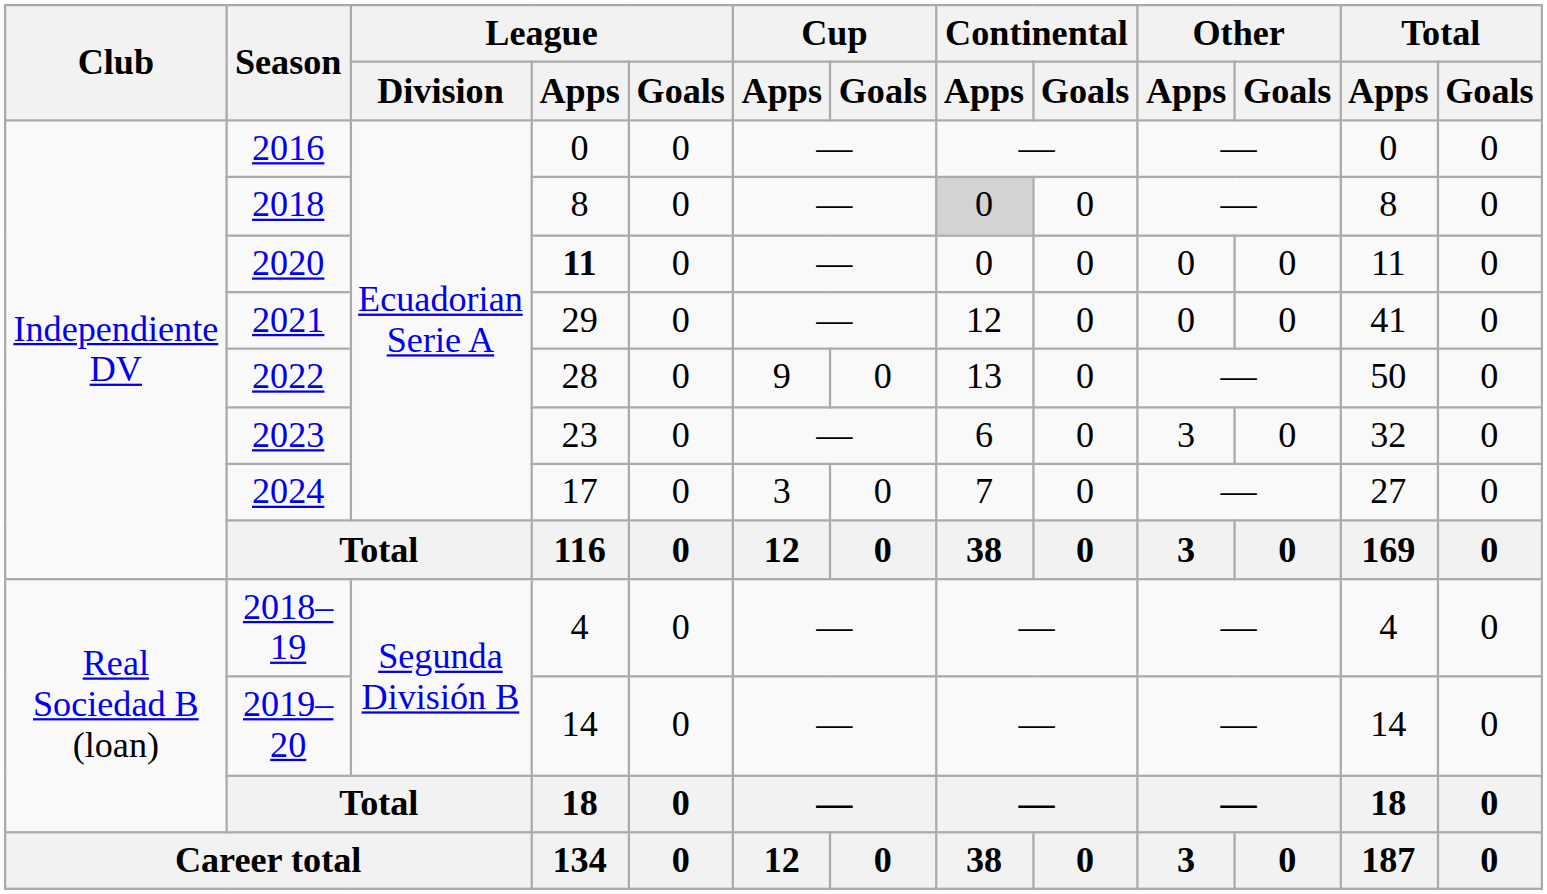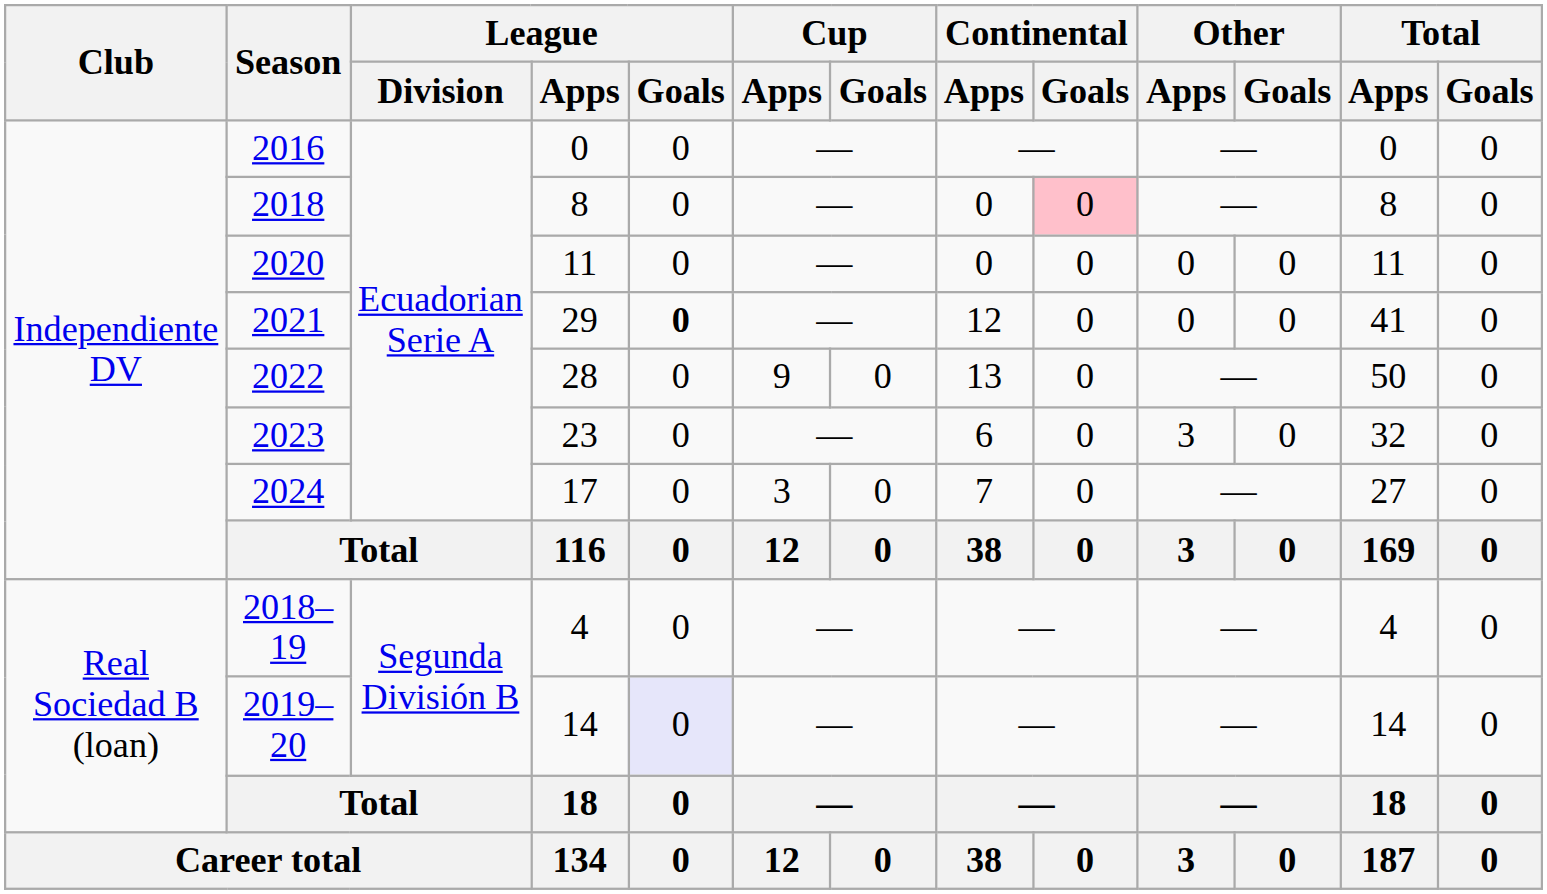 <table class="wikitable" style="text-align:center">
 <tr>
 <th rowspan="2">Club</th>
 <th rowspan="2">Season</th>
 <th colspan="3">League</th>
 <th colspan="2">Cup</th>
 <th colspan="2">Continental</th>
 <th colspan="2">Other</th>
 <th colspan="2">Total</th>
 </tr>
 <tr>
 <th>Division</th>
 <th>Apps</th>
 <th>Goals</th>
 <th>Apps</th>
 <th>Goals</th>
 <th>Apps</th>
 <th>Goals</th>
 <th>Apps</th>
 <th>Goals</th>
 <th>Apps</th>
 <th>Goals</th>
 </tr>
 <tr>
 <td rowspan="8"><a href='#'>Independiente DV</a></td>
 <td><a href='#'>2016</a></td>
 <td rowspan="7"><a href='#'>Ecuadorian Serie A</a></td>
 <td>0</td>
 <td>0</td>
 <td colspan="2">—</td>
 <td colspan="2">—</td>
 <td colspan="2">—</td>
 <td>0</td>
 <td>0</td>
 </tr>
 <tr>
 <td><a href='#'>2018</a></td>
 <td>8</td>
 <td>0</td>
 <td colspan="2">—</td>
-<td style="background: lightgrey;">0</td>
 <td>0</td>
+<td style="background: pink;">0</td>
 <td colspan="2">—</td>
 <td>8</td>
 <td>0</td>
 </tr>
 <tr>
 <td><a href='#'>2020</a></td>
-<td><strong>11</strong></td>
+<td>11</td>
 <td>0</td>
 <td colspan="2">—</td>
 <td>0</td>
 <td>0</td>
 <td>0</td>
 <td>0</td>
 <td>11</td>
 <td>0</td>
 </tr>
 <tr>
 <td><a href='#'>2021</a></td>
 <td>29</td>
-<td>0</td>
+<td><strong>0</strong></td>
 <td colspan="2">—</td>
 <td>12</td>
 <td>0</td>
 <td>0</td>
 <td>0</td>
 <td>41</td>
 <td>0</td>
 </tr>
 <tr>
 <td><a href='#'>2022</a></td>
 <td>28</td>
 <td>0</td>
 <td>9</td>
 <td>0</td>
 <td>13</td>
 <td>0</td>
 <td colspan="2">—</td>
 <td>50</td>
 <td>0</td>
 </tr>
 <tr>
 <td><a href='#'>2023</a></td>
 <td>23</td>
 <td>0</td>
 <td colspan="2">—</td>
 <td>6</td>
 <td>0</td>
 <td>3</td>
 <td>0</td>
 <td>32</td>
 <td>0</td>
 </tr>
 <tr>
 <td><a href='#'>2024</a></td>
 <td>17</td>
 <td>0</td>
 <td>3</td>
 <td>0</td>
 <td>7</td>
 <td>0</td>
 <td colspan="2">—</td>
 <td>27</td>
 <td>0</td>
 </tr>
 <tr>
 <th colspan="2">Total</th>
 <th>116</th>
 <th>0</th>
 <th>12</th>
 <th>0</th>
 <th>38</th>
 <th>0</th>
 <th>3</th>
 <th>0</th>
 <th>169</th>
 <th>0</th>
 </tr>
 <tr>
 <td rowspan="3"><a href='#'>Real Sociedad B</a> (loan)</td>
 <td><a href='#'>2018–19</a></td>
 <td rowspan="2"><a href='#'>Segunda División B</a></td>
 <td>4</td>
 <td>0</td>
 <td colspan="2">—</td>
 <td colspan="2">—</td>
 <td colspan="2">—</td>
 <td>4</td>
 <td>0</td>
 </tr>
 <tr>
 <td><a href='#'>2019–20</a></td>
 <td>14</td>
-<td>0</td>
+<td style="background: lavender;">0</td>
 <td colspan="2">—</td>
 <td colspan="2">—</td>
 <td colspan="2">—</td>
 <td>14</td>
 <td>0</td>
 </tr>
 <tr>
 <th colspan="2">Total</th>
 <th>18</th>
 <th>0</th>
 <th colspan="2">—</th>
 <th colspan="2">—</th>
 <th colspan="2">—</th>
 <th>18</th>
 <th>0</th>
 </tr>
 <tr>
 <th colspan="3">Career total</th>
 <th>134</th>
 <th>0</th>
 <th>12</th>
 <th>0</th>
 <th>38</th>
 <th>0</th>
 <th>3</th>
 <th>0</th>
 <th>187</th>
 <th>0</th>
 </tr>
 </table>
